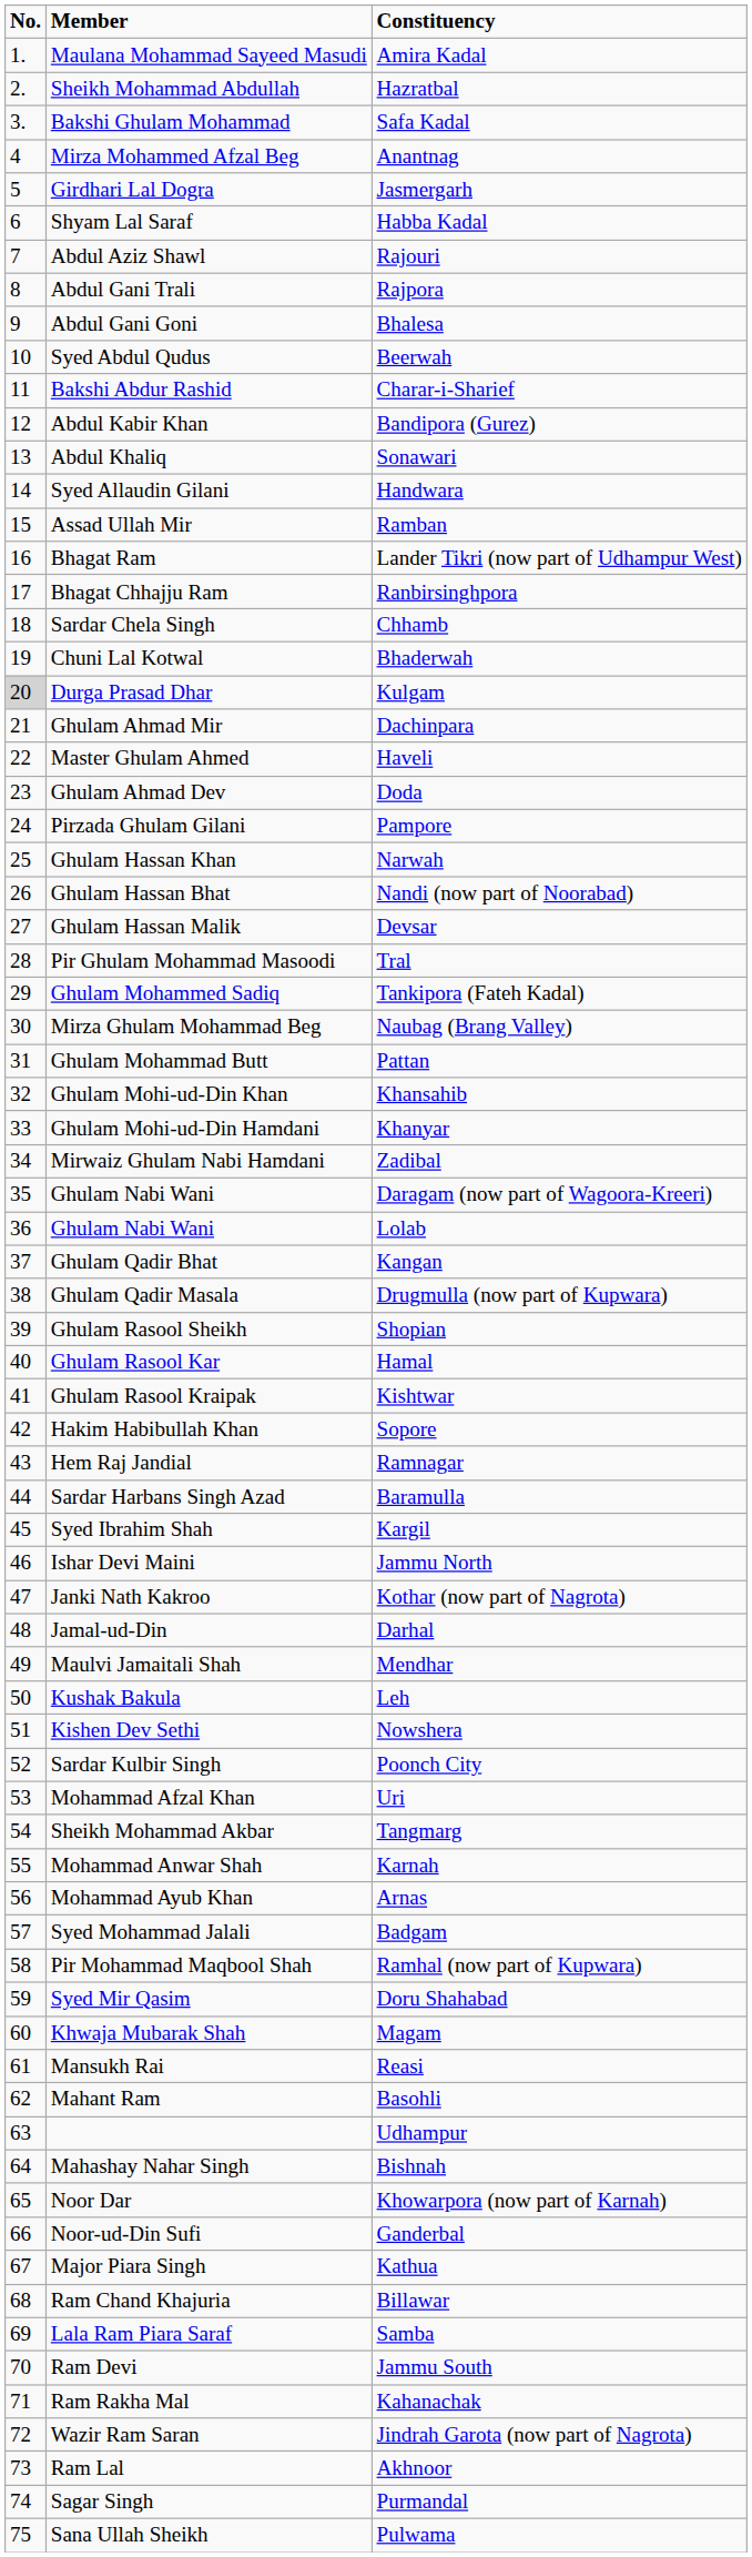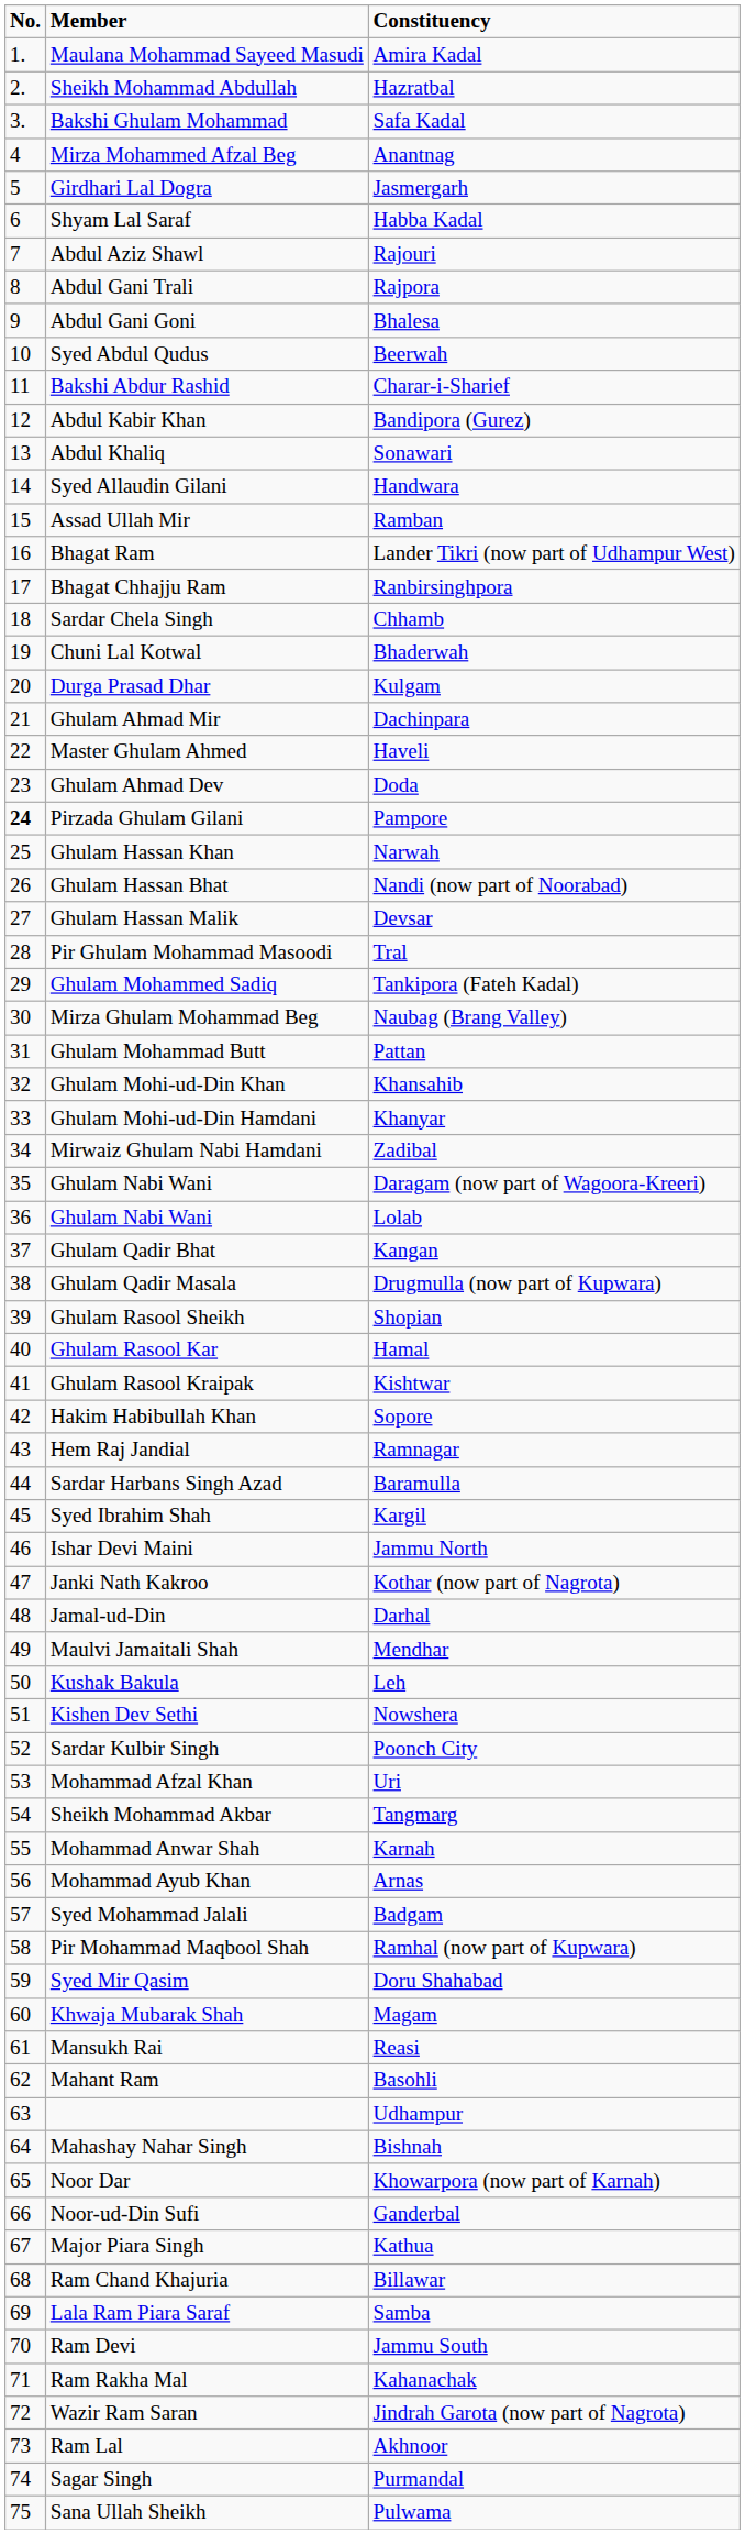 <table class="wikitable">
 <tr>
 <td><strong>No.</strong></td>
 <td><strong>Member</strong></td>
 <td><strong>Constituency</strong></td>
 </tr>
 <tr>
 <td>1.</td>
 <td><a href='#'>Maulana Mohammad Sayeed Masudi</a></td>
 <td><a href='#'>Amira Kadal</a></td>
 </tr>
 <tr>
 <td>2.</td>
 <td><a href='#'>Sheikh Mohammad Abdullah</a></td>
 <td><a href='#'>Hazratbal</a></td>
 </tr>
 <tr>
 <td>3.</td>
 <td><a href='#'>Bakshi Ghulam Mohammad</a></td>
 <td><a href='#'>Safa Kadal</a></td>
 </tr>
 <tr>
 <td>4</td>
 <td><a href='#'>Mirza Mohammed Afzal Beg</a></td>
 <td><a href='#'>Anantnag</a></td>
 </tr>
 <tr>
 <td>5</td>
 <td><a href='#'>Girdhari Lal Dogra</a></td>
 <td><a href='#'>Jasmergarh</a></td>
 </tr>
 <tr>
 <td>6</td>
 <td>Shyam Lal Saraf</td>
 <td><a href='#'>Habba Kadal</a></td>
 </tr>
 <tr>
 <td>7</td>
 <td>Abdul Aziz Shawl</td>
 <td><a href='#'>Rajouri</a></td>
 </tr>
 <tr>
 <td>8</td>
 <td>Abdul Gani Trali</td>
 <td><a href='#'>Rajpora</a></td>
 </tr>
 <tr>
 <td>9</td>
 <td>Abdul Gani Goni</td>
 <td><a href='#'>Bhalesa</a></td>
 </tr>
 <tr>
 <td>10</td>
 <td>Syed Abdul Qudus</td>
 <td><a href='#'>Beerwah</a></td>
 </tr>
 <tr>
 <td>11</td>
 <td><a href='#'>Bakshi Abdur Rashid</a></td>
 <td><a href='#'>Charar-i-Sharief</a></td>
 </tr>
 <tr>
 <td>12</td>
 <td>Abdul Kabir Khan</td>
 <td><a href='#'>Bandipora</a> (<a href='#'>Gurez</a>)</td>
 </tr>
 <tr>
 <td>13</td>
 <td>Abdul Khaliq</td>
 <td><a href='#'>Sonawari</a></td>
 </tr>
 <tr>
 <td>14</td>
 <td>Syed Allaudin Gilani</td>
 <td><a href='#'>Handwara</a></td>
 </tr>
 <tr>
 <td>15</td>
 <td>Assad Ullah Mir</td>
 <td><a href='#'>Ramban</a></td>
 </tr>
 <tr>
 <td>16</td>
 <td>Bhagat Ram</td>
 <td>Lander <a href='#'>Tikri</a> (now part of <a href='#'>Udhampur West</a>)</td>
 </tr>
 <tr>
 <td>17</td>
 <td>Bhagat Chhajju Ram</td>
 <td><a href='#'>Ranbirsinghpora</a></td>
 </tr>
 <tr>
 <td>18</td>
 <td>Sardar Chela Singh</td>
 <td><a href='#'>Chhamb</a></td>
 </tr>
 <tr>
 <td>19</td>
 <td>Chuni Lal Kotwal</td>
 <td><a href='#'>Bhaderwah</a></td>
 </tr>
 <tr>
-<td style="background: lightgrey;">20</td>
+<td>20</td>
 <td><a href='#'>Durga Prasad Dhar</a></td>
 <td><a href='#'>Kulgam</a></td>
 </tr>
 <tr>
 <td>21</td>
 <td>Ghulam Ahmad Mir</td>
 <td><a href='#'>Dachinpara</a></td>
 </tr>
 <tr>
 <td>22</td>
 <td>Master Ghulam Ahmed</td>
 <td><a href='#'>Haveli</a></td>
 </tr>
 <tr>
 <td>23</td>
 <td>Ghulam Ahmad Dev</td>
 <td><a href='#'>Doda</a></td>
 </tr>
 <tr>
-<td>24</td>
+<td><strong>24</strong></td>
 <td>Pirzada Ghulam Gilani</td>
 <td><a href='#'>Pampore</a></td>
 </tr>
 <tr>
 <td>25</td>
 <td>Ghulam Hassan Khan</td>
 <td><a href='#'>Narwah</a></td>
 </tr>
 <tr>
 <td>26</td>
 <td>Ghulam Hassan Bhat</td>
 <td><a href='#'>Nandi</a> (now part of <a href='#'>Noorabad</a>)</td>
 </tr>
 <tr>
 <td>27</td>
 <td>Ghulam Hassan Malik</td>
 <td><a href='#'>Devsar</a></td>
 </tr>
 <tr>
 <td>28</td>
 <td>Pir Ghulam Mohammad Masoodi</td>
 <td><a href='#'>Tral</a></td>
 </tr>
 <tr>
 <td>29</td>
 <td><a href='#'>Ghulam Mohammed Sadiq</a></td>
 <td><a href='#'>Tankipora</a> (Fateh Kadal)</td>
 </tr>
 <tr>
 <td>30</td>
 <td>Mirza Ghulam Mohammad Beg</td>
 <td><a href='#'>Naubag</a> (<a href='#'>Brang Valley</a>)</td>
 </tr>
 <tr>
 <td>31</td>
 <td>Ghulam Mohammad Butt</td>
 <td><a href='#'>Pattan</a></td>
 </tr>
 <tr>
 <td>32</td>
 <td>Ghulam Mohi-ud-Din Khan</td>
 <td><a href='#'>Khansahib</a></td>
 </tr>
 <tr>
 <td>33</td>
 <td>Ghulam Mohi-ud-Din Hamdani</td>
 <td><a href='#'>Khanyar</a></td>
 </tr>
 <tr>
 <td>34</td>
 <td>Mirwaiz Ghulam Nabi Hamdani</td>
 <td><a href='#'>Zadibal</a></td>
 </tr>
 <tr>
 <td>35</td>
 <td>Ghulam Nabi Wani</td>
 <td><a href='#'>Daragam</a> (now part of <a href='#'>Wagoora-Kreeri</a>)</td>
 </tr>
 <tr>
 <td>36</td>
 <td><a href='#'>Ghulam Nabi Wani</a></td>
 <td><a href='#'>Lolab</a></td>
 </tr>
 <tr>
 <td>37</td>
 <td>Ghulam Qadir Bhat</td>
 <td><a href='#'>Kangan</a></td>
 </tr>
 <tr>
 <td>38</td>
 <td>Ghulam Qadir Masala</td>
 <td><a href='#'>Drugmulla</a> (now part of <a href='#'>Kupwara</a>)</td>
 </tr>
 <tr>
 <td>39</td>
 <td>Ghulam Rasool Sheikh</td>
 <td><a href='#'>Shopian</a></td>
 </tr>
 <tr>
 <td>40</td>
 <td><a href='#'>Ghulam Rasool Kar</a></td>
 <td><a href='#'>Hamal</a></td>
 </tr>
 <tr>
 <td>41</td>
 <td>Ghulam Rasool Kraipak</td>
 <td><a href='#'>Kishtwar</a></td>
 </tr>
 <tr>
 <td>42</td>
 <td>Hakim Habibullah Khan</td>
 <td><a href='#'>Sopore</a></td>
 </tr>
 <tr>
 <td>43</td>
 <td>Hem Raj Jandial</td>
 <td><a href='#'>Ramnagar</a></td>
 </tr>
 <tr>
 <td>44</td>
 <td>Sardar Harbans Singh Azad</td>
 <td><a href='#'>Baramulla</a></td>
 </tr>
 <tr>
 <td>45</td>
 <td>Syed Ibrahim Shah</td>
 <td><a href='#'>Kargil</a></td>
 </tr>
 <tr>
 <td>46</td>
 <td>Ishar Devi Maini</td>
 <td><a href='#'>Jammu North</a></td>
 </tr>
 <tr>
 <td>47</td>
 <td>Janki Nath Kakroo</td>
 <td><a href='#'>Kothar</a> (now part of <a href='#'>Nagrota</a>)</td>
 </tr>
 <tr>
 <td>48</td>
 <td>Jamal-ud-Din</td>
 <td><a href='#'>Darhal</a></td>
 </tr>
 <tr>
 <td>49</td>
 <td>Maulvi Jamaitali Shah</td>
 <td><a href='#'>Mendhar</a></td>
 </tr>
 <tr>
 <td>50</td>
 <td><a href='#'>Kushak Bakula</a></td>
 <td><a href='#'>Leh</a></td>
 </tr>
 <tr>
 <td>51</td>
 <td><a href='#'>Kishen Dev Sethi</a></td>
 <td><a href='#'>Nowshera</a></td>
 </tr>
 <tr>
 <td>52</td>
 <td>Sardar Kulbir Singh</td>
 <td><a href='#'>Poonch City</a></td>
 </tr>
 <tr>
 <td>53</td>
 <td>Mohammad Afzal Khan</td>
 <td><a href='#'>Uri</a></td>
 </tr>
 <tr>
 <td>54</td>
 <td>Sheikh Mohammad Akbar</td>
 <td><a href='#'>Tangmarg</a></td>
 </tr>
 <tr>
 <td>55</td>
 <td>Mohammad Anwar Shah</td>
 <td><a href='#'>Karnah</a></td>
 </tr>
 <tr>
 <td>56</td>
 <td>Mohammad Ayub Khan</td>
 <td><a href='#'>Arnas</a></td>
 </tr>
 <tr>
 <td>57</td>
 <td>Syed Mohammad Jalali</td>
 <td><a href='#'>Badgam</a></td>
 </tr>
 <tr>
 <td>58</td>
 <td>Pir Mohammad Maqbool Shah</td>
 <td><a href='#'>Ramhal</a> (now part of <a href='#'>Kupwara</a>)</td>
 </tr>
 <tr>
 <td>59</td>
 <td><a href='#'>Syed Mir Qasim</a></td>
 <td><a href='#'>Doru Shahabad</a></td>
 </tr>
 <tr>
 <td>60</td>
 <td><a href='#'>Khwaja Mubarak Shah</a></td>
 <td><a href='#'>Magam</a></td>
 </tr>
 <tr>
 <td>61</td>
 <td>Mansukh Rai</td>
 <td><a href='#'>Reasi</a></td>
 </tr>
 <tr>
 <td>62</td>
 <td>Mahant Ram</td>
 <td><a href='#'>Basohli</a></td>
 </tr>
 <tr>
 <td>63</td>
 <td></td>
 <td><a href='#'>Udhampur</a></td>
 </tr>
 <tr>
 <td>64</td>
 <td>Mahashay Nahar Singh</td>
 <td><a href='#'>Bishnah</a></td>
 </tr>
 <tr>
 <td>65</td>
 <td>Noor Dar</td>
 <td><a href='#'>Khowarpora</a> (now part of <a href='#'>Karnah</a>)</td>
 </tr>
 <tr>
 <td>66</td>
 <td>Noor-ud-Din Sufi</td>
 <td><a href='#'>Ganderbal</a></td>
 </tr>
 <tr>
 <td>67</td>
 <td>Major Piara Singh</td>
 <td><a href='#'>Kathua</a></td>
 </tr>
 <tr>
 <td>68</td>
 <td>Ram Chand Khajuria</td>
 <td><a href='#'>Billawar</a></td>
 </tr>
 <tr>
 <td>69</td>
 <td><a href='#'>Lala Ram Piara Saraf</a></td>
 <td><a href='#'>Samba</a></td>
 </tr>
 <tr>
 <td>70</td>
 <td>Ram Devi</td>
 <td><a href='#'>Jammu South</a></td>
 </tr>
 <tr>
 <td>71</td>
 <td>Ram Rakha Mal</td>
 <td><a href='#'>Kahanachak</a></td>
 </tr>
 <tr>
 <td>72</td>
 <td>Wazir Ram Saran</td>
 <td><a href='#'>Jindrah Garota</a> (now part of <a href='#'>Nagrota</a>)</td>
 </tr>
 <tr>
 <td>73</td>
 <td>Ram Lal</td>
 <td><a href='#'>Akhnoor</a></td>
 </tr>
 <tr>
 <td>74</td>
 <td>Sagar Singh</td>
 <td><a href='#'>Purmandal</a></td>
 </tr>
 <tr>
 <td>75</td>
 <td>Sana Ullah Sheikh</td>
 <td><a href='#'>Pulwama</a></td>
 </tr>
 </table>
